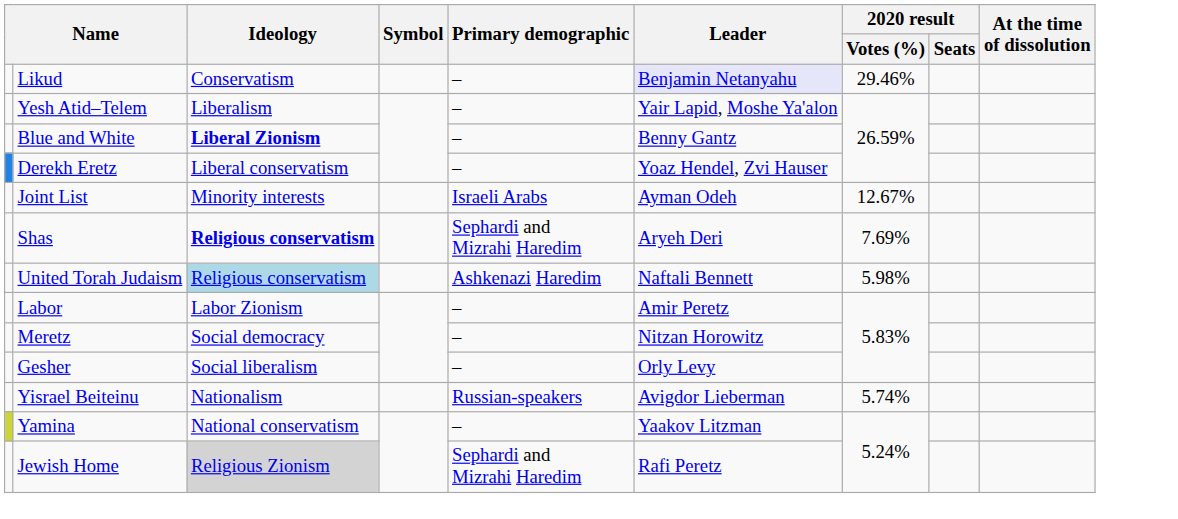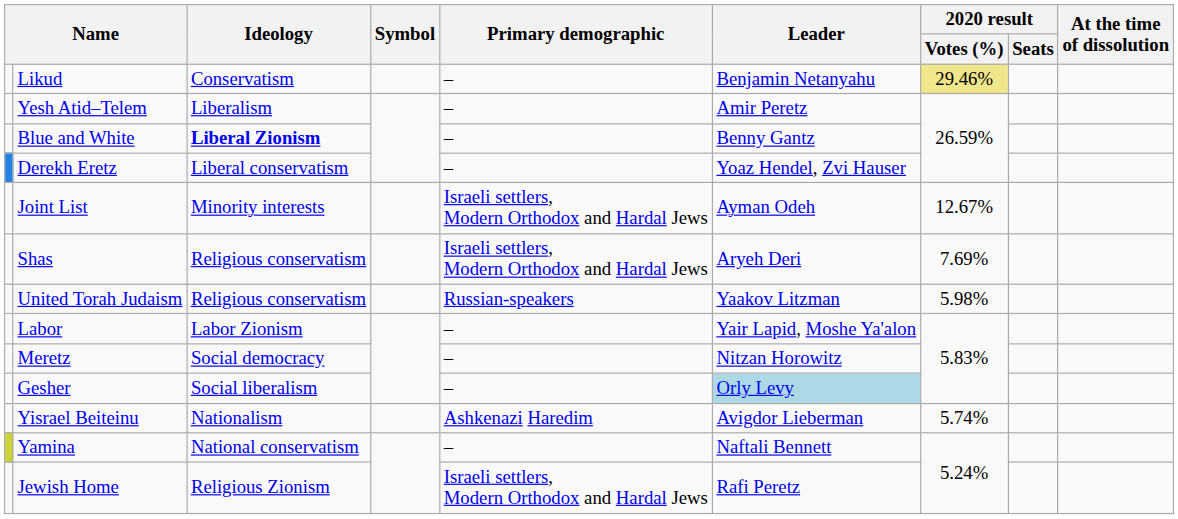 <table class="wikitable">
 <tr>
 <th rowspan="2" colspan=2>Name</th>
 <th rowspan="2">Ideology</th>
 <th rowspan="2">Symbol</th>
 <th rowspan="2">Primary demographic</th>
 <th rowspan="2">Leader</th>
 <th colspan="2">2020 result</th>
 <th rowspan="2">At the time<br>of dissolution</th>
 </tr>
 <tr>
 <th>Votes (%)</th>
 <th>Seats</th>
 </tr>
 <tr>
 <td style="background:"></td>
 <td><a href='#'>Likud</a></td>
 <td><a href='#'>Conservatism</a></td>
 <td align=center></td>
 <td>–</td>
-<td style="background: lavender;"><a href='#'>Benjamin Netanyahu</a></td>
-<td style="text-align:center;">29.46%</td>
+<td><a href='#'>Benjamin Netanyahu</a></td>
+<td style="background: khaki; text-align:center;">29.46%</td>
 <td></td>
 <td></td>
 </tr>
 <tr>
 <td style="background:"></td>
 <td><a href='#'>Yesh Atid–Telem</a></td>
 <td><a href='#'>Liberalism</a></td>
 <td style="text-align:center;" rowspan=3></td>
 <td>–</td>
-<td><a href='#'>Yair Lapid</a>, <a href='#'>Moshe Ya'alon</a></td>
+<td><a href='#'>Amir Peretz</a></td>
 <td style="text-align:center;" rowspan=3>26.59%</td>
 <td></td>
 <td></td>
 </tr>
 <tr>
 <td style="background:"></td>
 <td><a href='#'>Blue and White</a></td>
 <td><strong><a href='#'>Liberal Zionism</a></strong></td>
 <td>–</td>
 <td><a href='#'>Benny Gantz</a></td>
 <td></td>
 <td></td>
 </tr>
 <tr>
 <td style="background:#2181E5;"></td>
 <td><a href='#'>Derekh Eretz</a></td>
 <td><a href='#'>Liberal conservatism</a></td>
 <td>–</td>
 <td><a href='#'>Yoaz Hendel</a>, <a href='#'>Zvi Hauser</a></td>
 <td></td>
 <td></td>
 </tr>
 <tr>
 <td style="background:"></td>
 <td><a href='#'>Joint List</a></td>
 <td><a href='#'>Minority interests</a></td>
 <td align=center></td>
-<td><a href='#'>Israeli Arabs</a></td>
+<td><a href='#'>Israeli settlers</a>,<br><a href='#'>Modern Orthodox</a> and <a href='#'>Hardal</a> Jews</td>
 <td><a href='#'>Ayman Odeh</a></td>
 <td style="text-align:center;">12.67%</td>
 <td></td>
 <td></td>
 </tr>
 <tr>
 <td style="background:"></td>
 <td><a href='#'>Shas</a></td>
-<td><strong><a href='#'>Religious conservatism</a></strong></td>
+<td><a href='#'>Religious conservatism</a></td>
 <td align=center></td>
-<td><a href='#'>Sephardi</a> and<br><a href='#'>Mizrahi</a> <a href='#'>Haredim</a></td>
+<td><a href='#'>Israeli settlers</a>,<br><a href='#'>Modern Orthodox</a> and <a href='#'>Hardal</a> Jews</td>
 <td><a href='#'>Aryeh Deri</a></td>
 <td style="text-align:center;">7.69%</td>
 <td></td>
 <td></td>
 </tr>
 <tr>
 <td style="background:"></td>
 <td><a href='#'>United Torah Judaism</a></td>
-<td style="background: lightblue;"><a href='#'>Religious conservatism</a></td>
+<td><a href='#'>Religious conservatism</a></td>
 <td align=center></td>
-<td><a href='#'>Ashkenazi</a> <a href='#'>Haredim</a></td>
-<td><a href='#'>Naftali Bennett</a></td>
+<td><a href='#'>Russian-speakers</a></td>
+<td><a href='#'>Yaakov Litzman</a></td>
 <td style="text-align:center;">5.98%</td>
 <td></td>
 <td></td>
 </tr>
 <tr>
 <td style="background:"></td>
 <td><a href='#'>Labor</a></td>
 <td><a href='#'>Labor Zionism</a></td>
 <td style="text-align:center;" rowspan=3></td>
 <td>–</td>
-<td><a href='#'>Amir Peretz</a></td>
+<td><a href='#'>Yair Lapid</a>, <a href='#'>Moshe Ya'alon</a></td>
 <td style="text-align:center;" rowspan=3>5.83%</td>
 <td></td>
 <td></td>
 </tr>
 <tr>
 <td style="background:"></td>
 <td><a href='#'>Meretz</a></td>
 <td><a href='#'>Social democracy</a></td>
 <td>–</td>
 <td><a href='#'>Nitzan Horowitz</a></td>
 <td></td>
 <td></td>
 </tr>
 <tr>
 <td style="background:"></td>
 <td><a href='#'>Gesher</a></td>
 <td><a href='#'>Social liberalism</a></td>
 <td>–</td>
-<td><a href='#'>Orly Levy</a></td>
+<td style="background: lightblue;"><a href='#'>Orly Levy</a></td>
 <td></td>
 <td></td>
 </tr>
 <tr>
 <td style="background:"></td>
 <td><a href='#'>Yisrael Beiteinu</a></td>
 <td><a href='#'>Nationalism</a></td>
 <td align=center></td>
-<td><a href='#'>Russian-speakers</a></td>
+<td><a href='#'>Ashkenazi</a> <a href='#'>Haredim</a></td>
 <td><a href='#'>Avigdor Lieberman</a></td>
 <td style="text-align:center;">5.74%</td>
 <td></td>
 <td></td>
 </tr>
 <tr>
 <td style="background:#CBD53A;"></td>
 <td><a href='#'>Yamina</a></td>
 <td><a href='#'>National conservatism</a></td>
 <td style="text-align:center;" rowspan=2></td>
 <td>–</td>
-<td><a href='#'>Yaakov Litzman</a></td>
+<td><a href='#'>Naftali Bennett</a></td>
 <td style="text-align:center;" rowspan=2>5.24%</td>
 <td></td>
 <td></td>
 </tr>
 <tr>
 <td style="background:"></td>
 <td><a href='#'>Jewish Home</a></td>
-<td style="background: lightgrey;"><a href='#'>Religious Zionism</a></td>
-<td><a href='#'>Sephardi</a> and<br><a href='#'>Mizrahi</a> <a href='#'>Haredim</a></td>
+<td><a href='#'>Religious Zionism</a></td>
+<td><a href='#'>Israeli settlers</a>,<br><a href='#'>Modern Orthodox</a> and <a href='#'>Hardal</a> Jews</td>
 <td><a href='#'>Rafi Peretz</a></td>
 <td></td>
 <td></td>
 </tr>
 </table>
